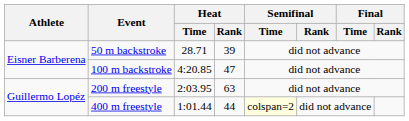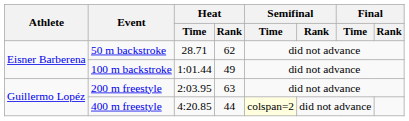 <table class=wikitable style="font-size:90%">
 <tr>
 <th rowspan="2">Athlete</th>
 <th rowspan="2">Event</th>
 <th colspan="2">Heat</th>
 <th colspan="2">Semifinal</th>
 <th colspan="2">Final</th>
 </tr>
 <tr style="font-size:95%">
 <th>Time</th>
 <th>Rank</th>
 <th>Time</th>
 <th>Rank</th>
 <th>Time</th>
 <th>Rank</th>
 </tr>
 <tr align=center>
 <td align=left rowspan=2><a href='#'>Eisner Barberena</a></td>
 <td align=left><a href='#'>50 m backstroke</a></td>
 <td>28.71</td>
-<td>39</td>
+<td>62</td>
 <td colspan=4>did not advance</td>
 </tr>
 <tr align=center>
 <td align=left><a href='#'>100 m backstroke</a></td>
-<td>4:20.85</td>
-<td>47</td>
+<td>1:01.44</td>
+<td>49</td>
 <td colspan=4>did not advance</td>
 </tr>
 <tr align=center>
 <td align=left rowspan=3><a href='#'>Guillermo Lopéz</a></td>
 <td align=left><a href='#'>200 m freestyle</a></td>
 <td>2:03.95</td>
 <td>63</td>
 <td colspan=4>did not advance</td>
 </tr>
 <tr align=center>
 <td align=left><a href='#'>400 m freestyle</a></td>
-<td>1:01.44</td>
+<td>4:20.85</td>
 <td>44</td>
 <td style="background: lightyellow;">colspan=2 </td>
 <td colspan=2>did not advance</td>
 </tr>
 </table>
